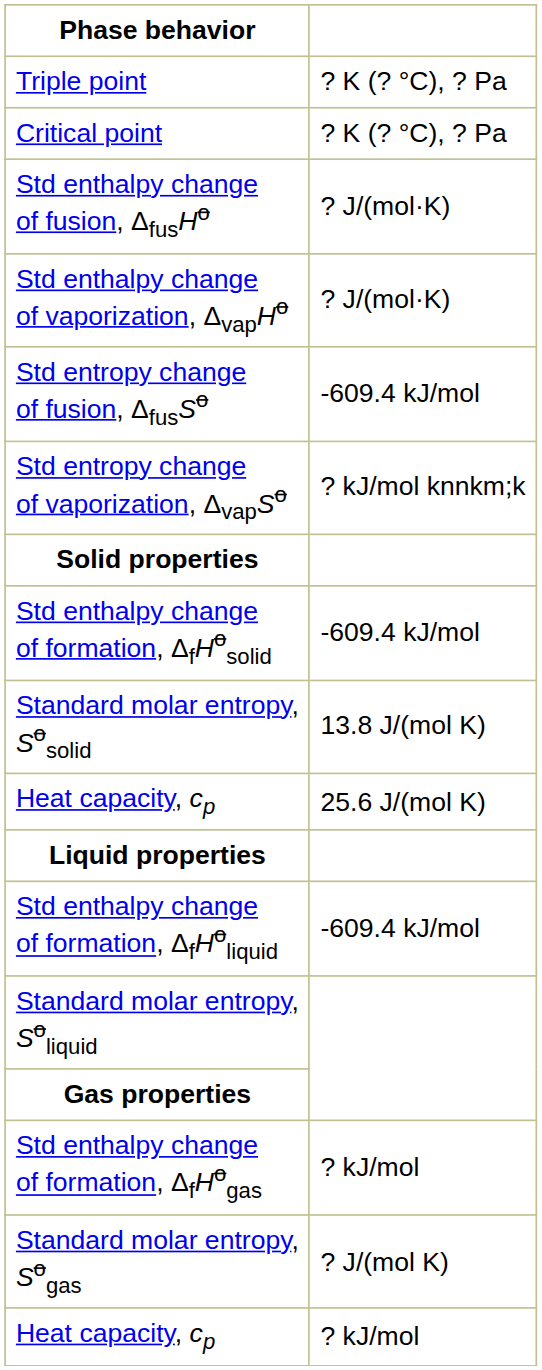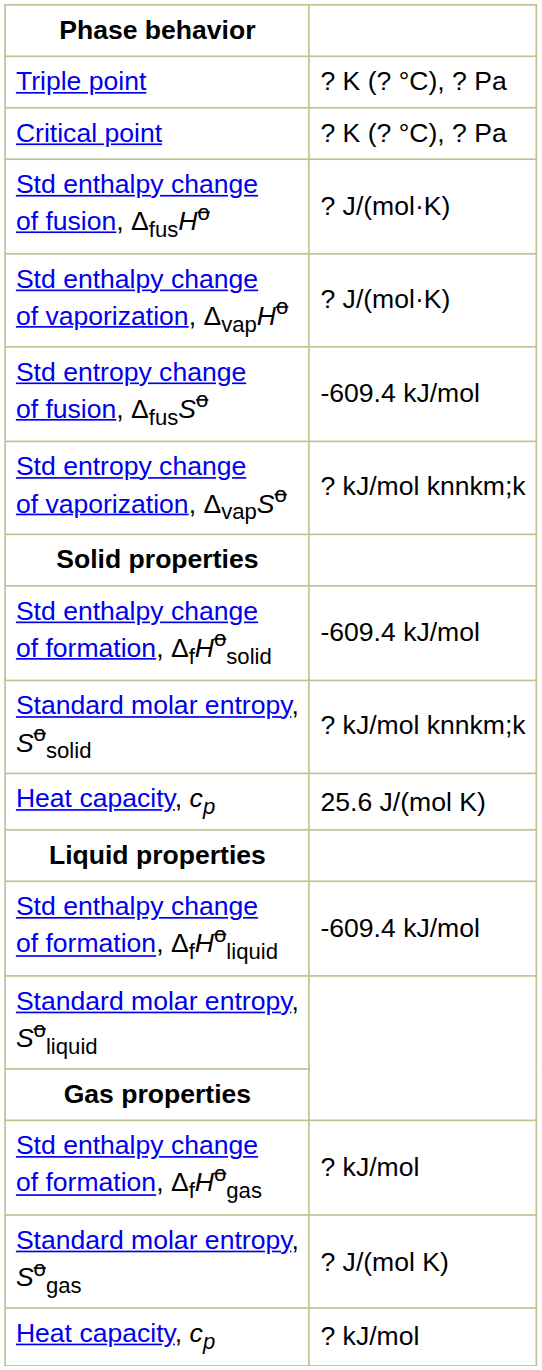 <table border="1" cellspacing="0" cellpadding="6" style="margin: 0 0 0 0.5em; background: #FFFFFF; border-collapse: collapse; border-color: #C0C090;">
 <tr>
 <th>Phase behavior</th>
 </tr>
 <tr>
 <td><a href='#'>Triple point</a></td>
 <td>? K (? °C), ? Pa</td>
 </tr>
 <tr>
 <td><a href='#'>Critical point</a></td>
 <td>? K (? °C), ? Pa</td>
 </tr>
 <tr>
 <td><a href='#'>Std enthalpy change<br>of fusion</a>, Δ<sub>fus</sub><em>H</em><sup><s>o</s></sup></td>
 <td>? J/(mol·K)</td>
 </tr>
 <tr>
 <td><a href='#'>Std enthalpy change<br>of vaporization</a>, Δ<sub>vap</sub><em>H</em><sup><s>o</s></sup></td>
 <td>? J/(mol·K)</td>
 </tr>
 <tr>
 <td><a href='#'>Std entropy change<br>of fusion</a>, Δ<sub>fus</sub><em>S</em><sup><s>o</s></sup></td>
 <td>-609.4 kJ/mol</td>
 </tr>
 <tr>
 <td><a href='#'>Std entropy change<br>of vaporization</a>, Δ<sub>vap</sub><em>S</em><sup><s>o</s></sup></td>
 <td>? kJ/mol  knnkm;k</td>
 </tr>
 <tr>
 <th>Solid properties</th>
 </tr>
 <tr>
 <td><a href='#'>Std enthalpy change<br>of formation</a>, Δ<sub>f</sub><em>H</em><sup><s>o</s></sup><sub>solid</sub></td>
 <td>-609.4 kJ/mol</td>
 </tr>
 <tr>
 <td><a href='#'>Standard molar entropy</a>,<br><em>S</em><sup><s>o</s></sup><sub>solid</sub></td>
-<td>13.8 J/(mol K)</td>
+<td>? kJ/mol  knnkm;k</td>
 </tr>
 <tr>
 <td><a href='#'>Heat capacity</a>, <em>c<sub>p</sub></em></td>
 <td>25.6 J/(mol K)</td>
 </tr>
 <tr>
 <th>Liquid properties</th>
 </tr>
 <tr>
 <td><a href='#'>Std enthalpy change<br>of formation</a>, Δ<sub>f</sub><em>H</em><sup><s>o</s></sup><sub>liquid</sub></td>
 <td>-609.4 kJ/mol</td>
 </tr>
 <tr>
 <td><a href='#'>Standard molar entropy</a>,<br><em>S</em><sup><s>o</s></sup><sub>liquid</sub></td>
 </tr>
 <tr>
 <th>Gas properties</th>
 </tr>
 <tr>
 <td><a href='#'>Std enthalpy change<br>of formation</a>, Δ<sub>f</sub><em>H</em><sup><s>o</s></sup><sub>gas</sub></td>
 <td>? kJ/mol</td>
 </tr>
 <tr>
 <td><a href='#'>Standard molar entropy</a>,<br><em>S</em><sup><s>o</s></sup><sub>gas</sub></td>
 <td>? J/(mol K)</td>
 </tr>
 <tr>
 <td><a href='#'>Heat capacity</a>, <em>c<sub>p</sub></em></td>
 <td>? kJ/mol</td>
 </tr>
 <tr>
 </tr>
 </table>
